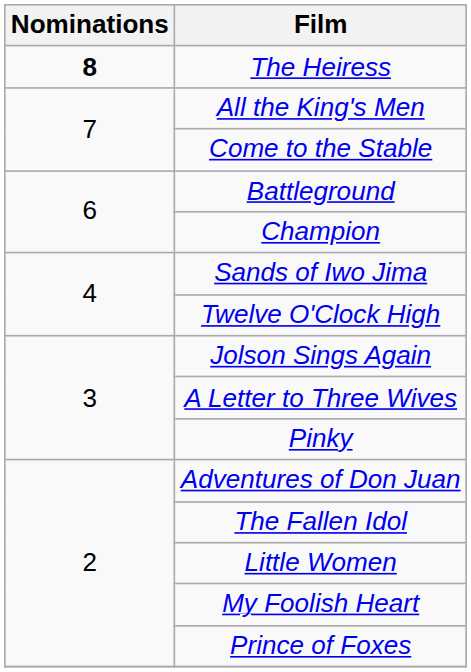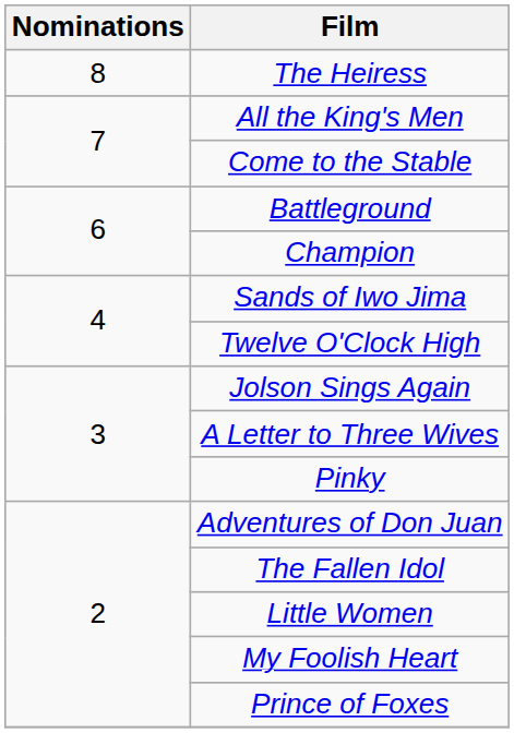 <table class="wikitable" rowspan="2" style="text-align:center;">
 <tr>
 <th scope="col" style="width:55px;">Nominations</th>
 <th scope="col" style="text-align:center;">Film</th>
 </tr>
 <tr>
-<td rowspan="1" style="text-align:center"><strong>8</strong></td>
+<td rowspan="1" style="text-align:center">8</td>
 <td><em><a href='#'>The Heiress</a></em></td>
 </tr>
 <tr>
 <td rowspan="2" style="text-align:center">7</td>
 <td><em><a href='#'>All the King's Men</a></em></td>
 </tr>
 <tr>
 <td><em><a href='#'>Come to the Stable</a></em></td>
 </tr>
 <tr>
 <td rowspan="2" style="text-align:center">6</td>
 <td><em><a href='#'>Battleground</a></em></td>
 </tr>
 <tr>
 <td><em><a href='#'>Champion</a></em></td>
 </tr>
 <tr>
 <td rowspan="2" style="text-align:center">4</td>
 <td><em><a href='#'>Sands of Iwo Jima</a></em></td>
 </tr>
 <tr>
 <td><em><a href='#'>Twelve O'Clock High</a></em></td>
 </tr>
 <tr>
 <td rowspan="3" style="text-align:center">3</td>
 <td><em><a href='#'>Jolson Sings Again</a></em></td>
 </tr>
 <tr>
 <td><em><a href='#'>A Letter to Three Wives</a></em></td>
 </tr>
 <tr>
 <td><em><a href='#'>Pinky</a></em></td>
 </tr>
 <tr>
 <td rowspan="5" style="text-align:center">2</td>
 <td><em><a href='#'>Adventures of Don Juan</a></em></td>
 </tr>
 <tr>
 <td><em><a href='#'>The Fallen Idol</a></em></td>
 </tr>
 <tr>
 <td><em><a href='#'>Little Women</a></em></td>
 </tr>
 <tr>
 <td><em><a href='#'>My Foolish Heart</a></em></td>
 </tr>
 <tr>
 <td><em><a href='#'>Prince of Foxes</a></em></td>
 </tr>
 <tr>
 </tr>
 </table>
